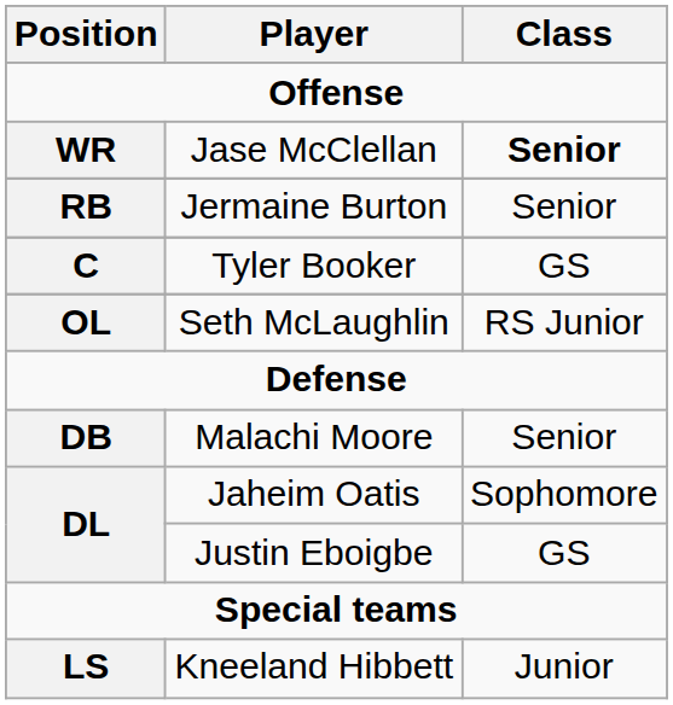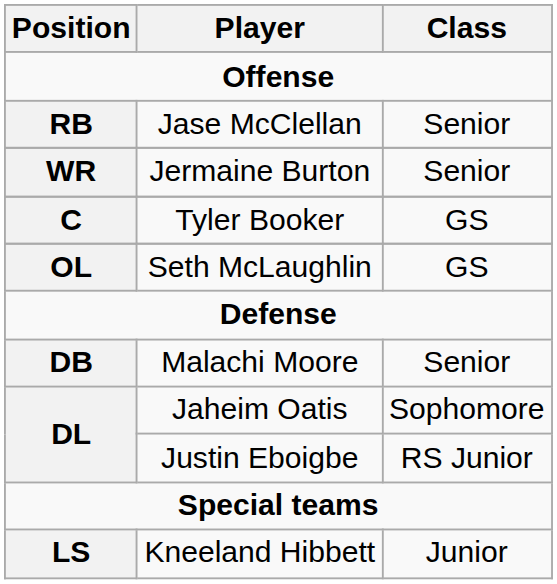 <table class="wikitable">
 <tr>
 <th>Position</th>
 <th>Player</th>
 <th>Class</th>
 </tr>
 <tr>
 <td colspan="4" style="text-align:center; "><strong>Offense</strong></td>
 </tr>
 <tr style="text-align:center;">
-<th rowspan="1">WR</th>
+<th rowspan="1">RB</th>
 <td>Jase McClellan</td>
-<td><strong>Senior</strong></td>
+<td>Senior</td>
 </tr>
 <tr>
 </tr>
 <tr style="text-align:center;">
-<th rowspan="1">RB</th>
+<th rowspan="1">WR</th>
 <td>Jermaine Burton</td>
 <td>Senior</td>
 </tr>
 <tr>
 </tr>
 <tr style="text-align:center;">
 <th rowspan="1">C</th>
 <td>Tyler Booker</td>
 <td>GS</td>
 </tr>
 <tr>
 </tr>
 <tr style="text-align:center;">
 <th rowspan="1">OL</th>
 <td>Seth McLaughlin</td>
-<td>RS Junior</td>
+<td>GS</td>
 </tr>
 <tr>
 <td colspan="4" style="text-align:center; "><strong>Defense</strong></td>
 </tr>
 <tr style="text-align:center;">
 <th rowspan="1">DB</th>
 <td>Malachi Moore</td>
 <td>Senior</td>
 </tr>
 <tr style="text-align:center;">
 <th rowspan="2">DL</th>
 <td>Jaheim Oatis</td>
 <td>Sophomore</td>
 </tr>
 <tr style="text-align:center;">
 <td>Justin Eboigbe</td>
-<td>GS</td>
+<td>RS Junior</td>
 </tr>
 <tr>
 <td colspan="4" style="text-align:center; "><strong>Special teams</strong></td>
 </tr>
 <tr style="text-align:center;">
 <th rowspan="1">LS</th>
 <td>Kneeland Hibbett</td>
 <td>Junior</td>
 </tr>
 </table>
